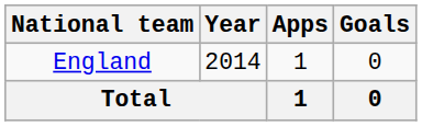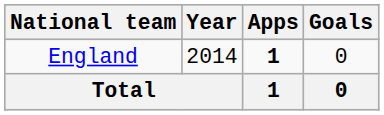 <table class=wikitable style=text-align:center>
 <tr>
 <th>National team</th>
 <th>Year</th>
 <th>Apps</th>
 <th>Goals</th>
 </tr>
 <tr>
 <td><a href='#'>England</a></td>
 <td>2014</td>
-<td>1</td>
+<td><strong>1</strong></td>
 <td>0</td>
 </tr>
 <tr>
 <th colspan=2>Total</th>
 <th>1</th>
 <th>0</th>
 </tr>
 </table>
